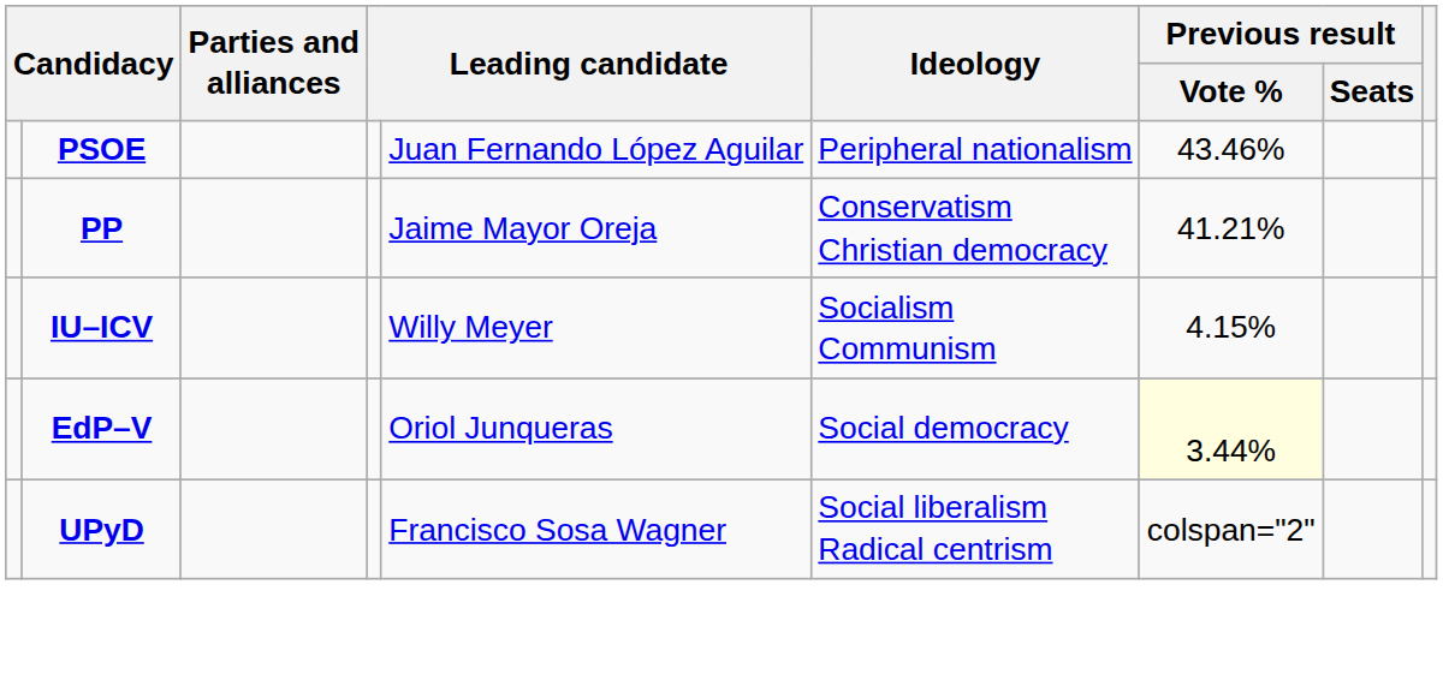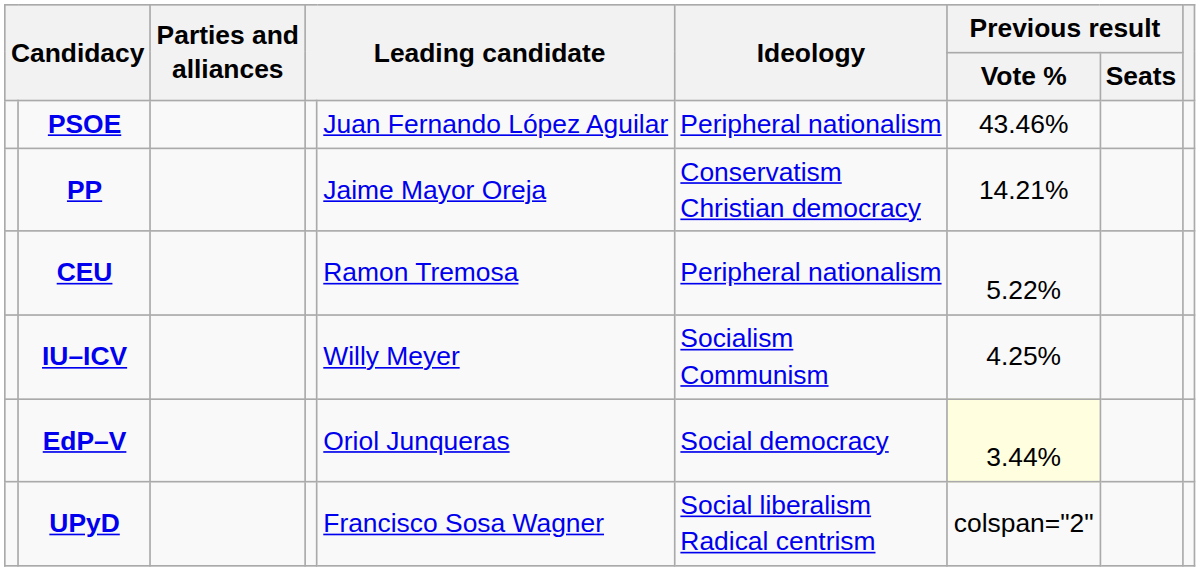 <table class="wikitable" style="line-height:1.35em; text-align:left;">
 <tr>
 <th colspan="2" rowspan="2">Candidacy</th>
 <th rowspan="2">Parties and<br>alliances</th>
 <th colspan="2" rowspan="2">Leading candidate</th>
 <th rowspan="2">Ideology</th>
 <th colspan="2">Previous result</th>
 <th rowspan="2"></th>
 </tr>
 <tr>
 <th>Vote %</th>
 <th>Seats</th>
 </tr>
 <tr>
 <td width="1" style="color:inherit;background:"></td>
 <td align="center"><strong><a href='#'>PSOE</a></strong></td>
 <td></td>
 <td></td>
 <td><a href='#'>Juan Fernando López Aguilar</a></td>
 <td><a href='#'>Peripheral nationalism</a></td>
 <td align="center">43.46%</td>
 <td></td>
 <td></td>
 </tr>
 <tr>
 <td style="color:inherit;background:"></td>
 <td align="center"><strong><a href='#'>PP</a></strong></td>
 <td></td>
 <td></td>
 <td><a href='#'>Jaime Mayor Oreja</a></td>
 <td><a href='#'>Conservatism</a><br><a href='#'>Christian democracy</a></td>
-<td align="center">41.21%</td>
+<td align="center">14.21%</td>
+<td></td>
+<td><br></td>
+</tr>
+<tr>
+<td style="color:inherit;background:"></td>
+<td align="center"><strong><a href='#'>CEU</a></strong></td>
+<td></td>
+<td></td>
+<td><a href='#'>Ramon Tremosa</a></td>
+<td><a href='#'>Peripheral nationalism</a></td>
+<td align="center"><br>5.22%<br></td>
 <td></td>
 <td><br></td>
 </tr>
 <tr>
 <td style="color:inherit;background:"></td>
 <td align="center"><strong><a href='#'>IU–ICV</a></strong></td>
 <td></td>
 <td></td>
 <td><a href='#'>Willy Meyer</a></td>
 <td><a href='#'>Socialism</a><br><a href='#'>Communism</a></td>
-<td align="center">4.15%</td>
+<td align="center">4.25%</td>
 <td></td>
 <td><br></td>
 </tr>
 <tr>
 <td style="color:inherit;background:"></td>
 <td align="center"><strong><a href='#'>EdP–V</a></strong></td>
 <td></td>
 <td></td>
 <td><a href='#'>Oriol Junqueras</a></td>
 <td><a href='#'>Social democracy</a></td>
 <td align="center" style="background: lightyellow;"><br>3.44%<br></td>
 <td></td>
 <td></td>
 </tr>
 <tr>
 <td style="color:inherit;background:"></td>
 <td align="center"><strong><a href='#'>UPyD</a></strong></td>
 <td></td>
 <td></td>
 <td><a href='#'>Francisco Sosa Wagner</a></td>
 <td><a href='#'>Social liberalism</a><br><a href='#'>Radical centrism</a></td>
 <td>colspan="2" </td>
 <td></td>
 </tr>
 </table>
